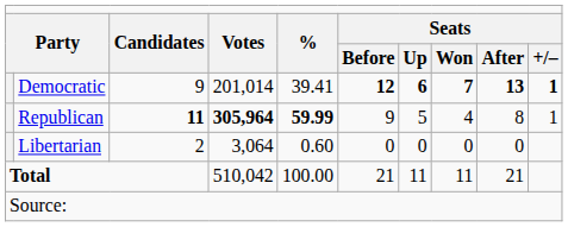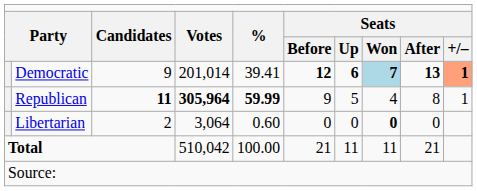 <table class="wikitable">
 <tr>
 <td colspan=15 align=center></td>
 </tr>
 <tr>
 <th rowspan="2" colspan="2">Party</th>
 <th rowspan="2">Candidates</th>
 <th rowspan="2">Votes</th>
 <th rowspan="2">%</th>
 <th colspan="5">Seats</th>
 </tr>
 <tr>
 <th>Before</th>
 <th>Up</th>
 <th>Won</th>
 <th>After</th>
 <th>+/–</th>
 </tr>
 <tr>
 <th style="background-color:"></th>
 <td><a href='#'>Democratic</a></td>
 <td align="right">9</td>
 <td align="right">201,014</td>
 <td align="right">39.41</td>
 <td align="right"><strong>12</strong></td>
 <td align="right"><strong>6</strong></td>
-<td align="right"><strong>7</strong></td>
+<td align="right" style="background: lightblue;"><strong>7</strong></td>
 <td align="right"><strong>13</strong></td>
-<td align="right"><strong>1</strong></td>
+<td align="right" style="background: lightsalmon;"><strong>1</strong></td>
 </tr>
 <tr>
 <th style="background-color:"></th>
 <td><a href='#'>Republican</a></td>
 <td align="right"><strong>11</strong></td>
 <td align="right"><strong>305,964</strong></td>
 <td align="right"><strong>59.99</strong></td>
 <td align="right">9</td>
 <td align="right">5</td>
 <td align="right">4</td>
 <td align="right">8</td>
 <td align="right">1</td>
 </tr>
 <tr>
 <th style="background-color:"></th>
 <td><a href='#'>Libertarian</a></td>
 <td align="right">2</td>
 <td align="right">3,064</td>
 <td align="right">0.60</td>
 <td align="right">0</td>
 <td align="right">0</td>
-<td align="right">0</td>
+<td align="right"><strong>0</strong></td>
 <td align="right">0</td>
 <td align="right"></td>
 </tr>
 <tr>
 <td colspan="3" align="left"><strong>Total</strong></td>
 <td align="right">510,042</td>
 <td align="right">100.00</td>
 <td align="right">21</td>
 <td align="right">11</td>
 <td align="right">11</td>
 <td align="right">21</td>
 <td align="right"></td>
 </tr>
 <tr>
 <td colspan="10">Source:</td>
 </tr>
 </table>
